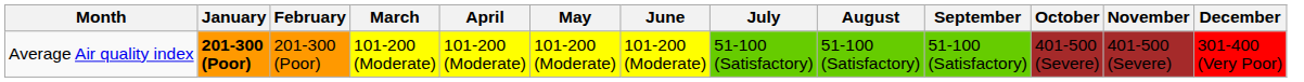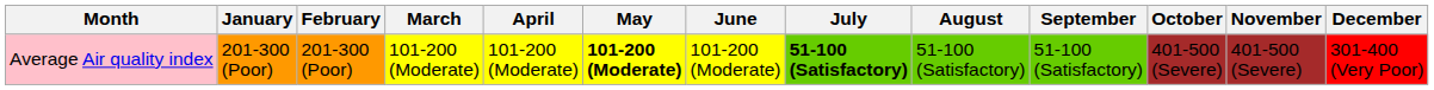 <table class="wikitable">
 <tr>
 <th>Month</th>
 <th>January</th>
 <th>February</th>
 <th>March</th>
 <th>April</th>
 <th>May</th>
 <th>June</th>
 <th>July</th>
 <th>August</th>
 <th>September</th>
 <th>October</th>
 <th>November</th>
 <th>December</th>
 </tr>
 <tr>
-<td>Average <a href='#'>Air quality index</a></td>
-<td style="background: #f90; colour: black"><strong>201-300<br>(Poor)</strong></td>
+<td style="background: pink;">Average <a href='#'>Air quality index</a></td>
+<td style="background: #f90; colour: black">201-300<br>(Poor)</td>
 <td style="background: #f90; colour: black">201-300<br>(Poor)</td>
 <td style="background: #ff0; colour: black">101-200<br>(Moderate)</td>
 <td style="background: #ff0; colour: black">101-200<br>(Moderate)</td>
+<td style="background: #ff0; colour: black"><strong>101-200<br>(Moderate)</strong></td>
 <td style="background: #ff0; colour: black">101-200<br>(Moderate)</td>
-<td style="background: #ff0; colour: black">101-200<br>(Moderate)</td>
-<td style="background: #6c0; colour: black">51-100<br>(Satisfactory)</td>
+<td style="background: #6c0; colour: black"><strong>51-100<br>(Satisfactory)</strong></td>
 <td style="background: #6c0; colour: black">51-100<br>(Satisfactory)</td>
 <td style="background: #6c0; colour: black">51-100<br>(Satisfactory)</td>
 <td style="background:brown; colour: black">401-500<br>(Severe)</td>
 <td style="background:brown; colour: black">401-500<br>(Severe)</td>
 <td style="background:red; colour: black">301-400<br>(Very Poor)</td>
 </tr>
 </table>
